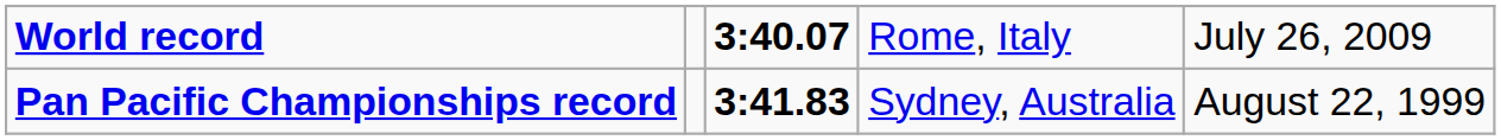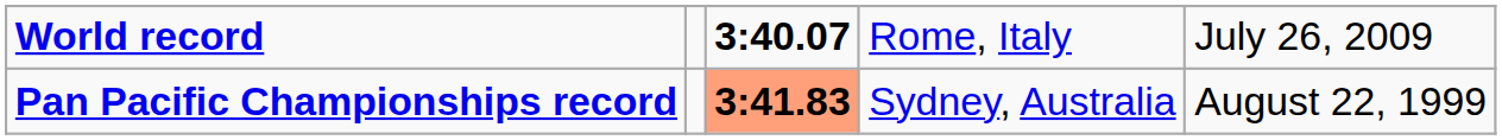 <table class="wikitable">
 <tr>
 <td><strong><a href='#'>World record</a></strong></td>
 <td></td>
 <td><strong>3:40.07</strong></td>
 <td><a href='#'>Rome</a>, <a href='#'>Italy</a></td>
 <td>July 26, 2009</td>
 </tr>
 <tr>
 <td><strong><a href='#'>Pan Pacific Championships record</a></strong></td>
 <td></td>
-<td><strong>3:41.83</strong></td>
+<td style="background: lightsalmon;"><strong>3:41.83</strong></td>
 <td><a href='#'>Sydney</a>, <a href='#'>Australia</a></td>
 <td>August 22, 1999</td>
 </tr>
 </table>
